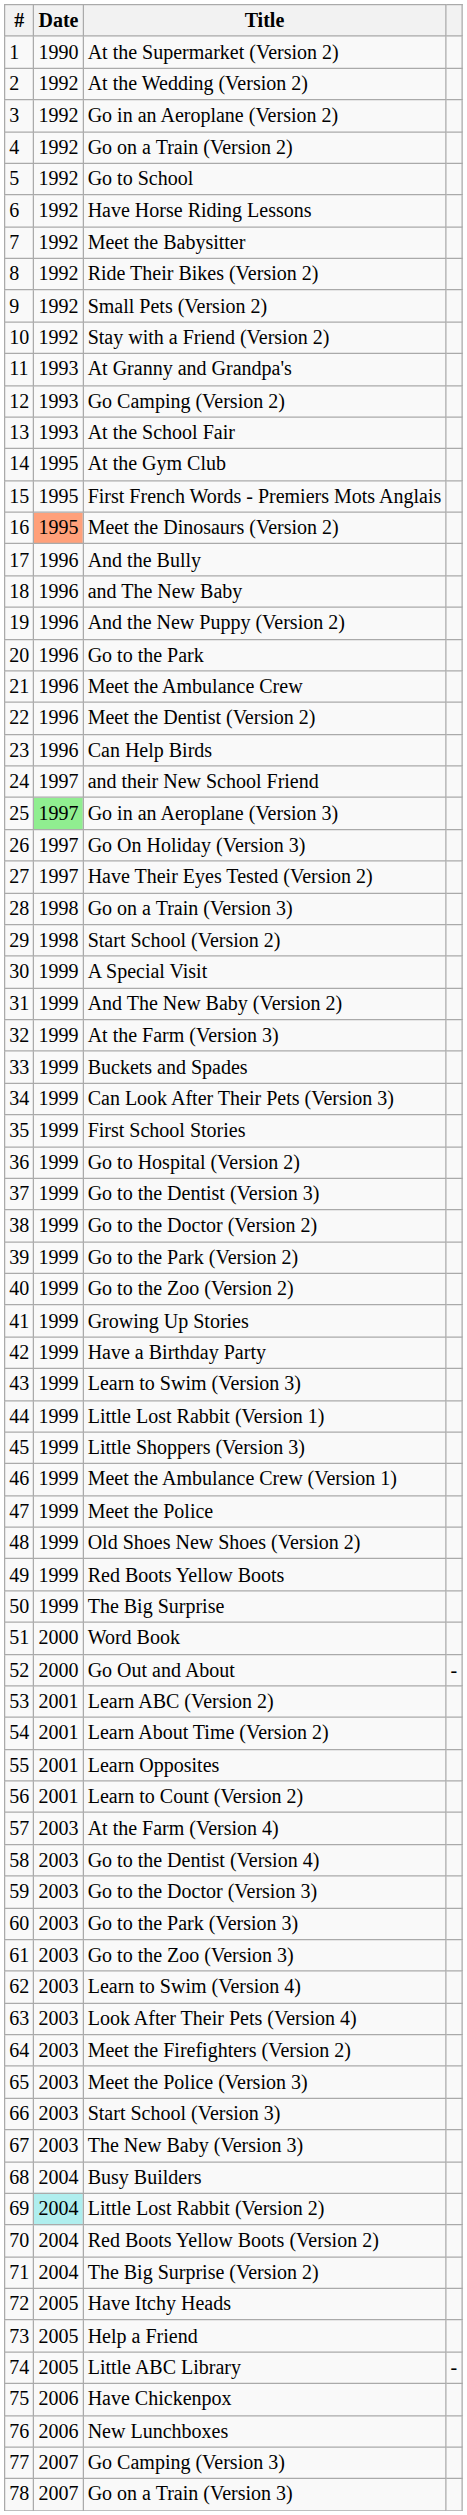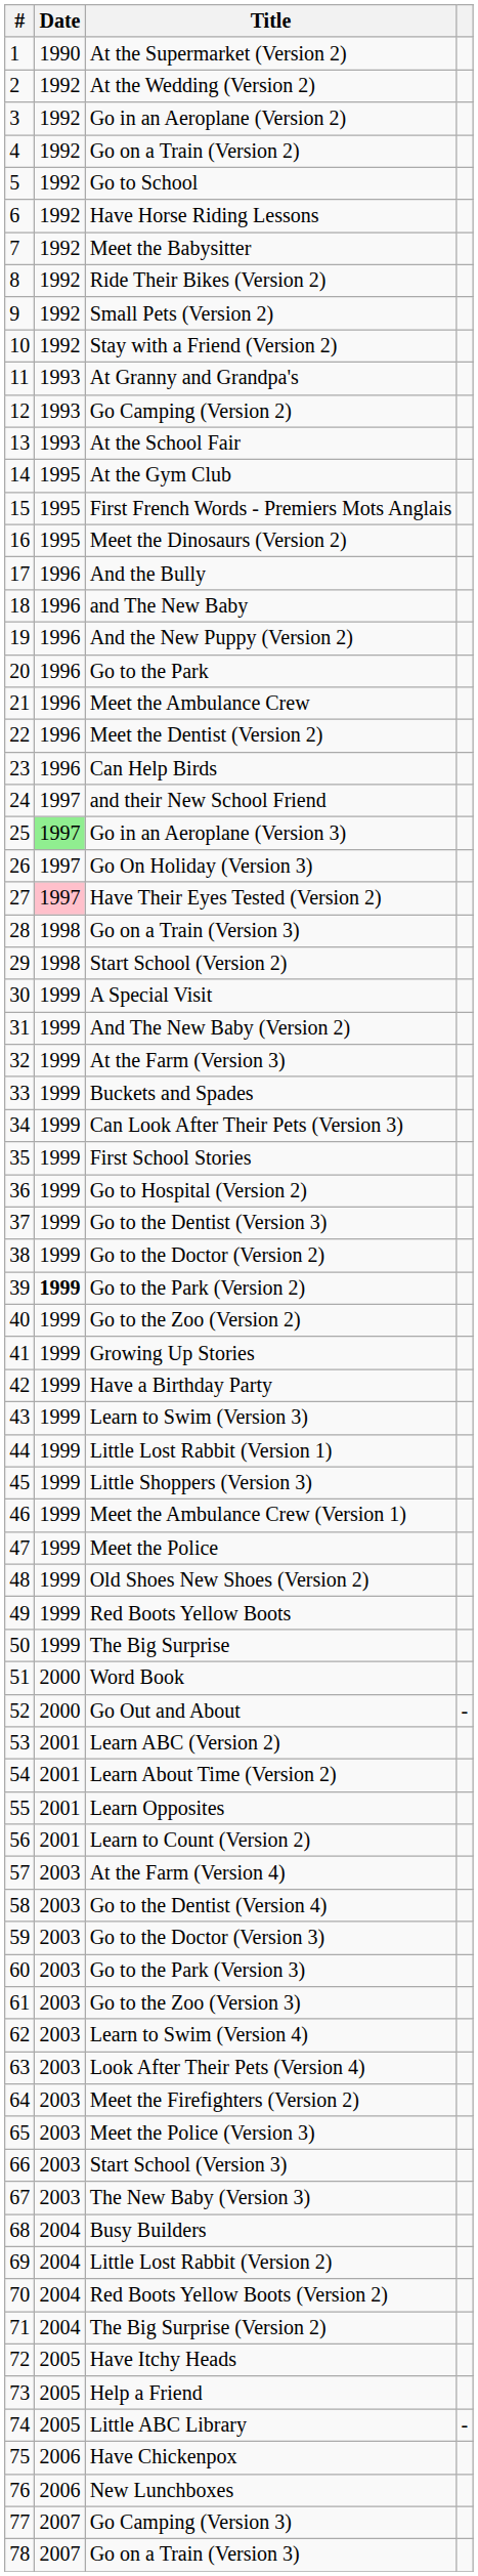 <table class="wikitable collapsible">
 <tr>
 <th>#</th>
 <th>Date</th>
 <th>Title</th>
 <th></th>
 </tr>
 <tr>
 <td>1</td>
 <td>1990</td>
 <td>At the Supermarket (Version 2)</td>
 <td></td>
 </tr>
 <tr>
 <td>2</td>
 <td>1992</td>
 <td>At the Wedding  (Version 2)</td>
 <td></td>
 </tr>
 <tr>
 <td>3</td>
 <td>1992</td>
 <td>Go in an Aeroplane  (Version 2)</td>
 <td></td>
 </tr>
 <tr>
 <td>4</td>
 <td>1992</td>
 <td>Go on a Train  (Version 2)</td>
 <td></td>
 </tr>
 <tr>
 <td>5</td>
 <td>1992</td>
 <td>Go to School</td>
 <td></td>
 </tr>
 <tr>
 <td>6</td>
 <td>1992</td>
 <td>Have Horse Riding Lessons</td>
 <td></td>
 </tr>
 <tr>
 <td>7</td>
 <td>1992</td>
 <td>Meet the Babysitter</td>
 <td></td>
 </tr>
 <tr>
 <td>8</td>
 <td>1992</td>
 <td>Ride Their Bikes  (Version 2)</td>
 <td></td>
 </tr>
 <tr>
 <td>9</td>
 <td>1992</td>
 <td>Small Pets  (Version 2)</td>
 <td></td>
 </tr>
 <tr>
 <td>10</td>
 <td>1992</td>
 <td>Stay with a Friend  (Version 2)</td>
 <td></td>
 </tr>
 <tr>
 <td>11</td>
 <td>1993</td>
 <td>At Granny and Grandpa's</td>
 <td></td>
 </tr>
 <tr>
 <td>12</td>
 <td>1993</td>
 <td>Go Camping  (Version 2)</td>
 <td></td>
 </tr>
 <tr>
 <td>13</td>
 <td>1993</td>
 <td>At the School Fair</td>
 <td></td>
 </tr>
 <tr>
 <td>14</td>
 <td>1995</td>
 <td>At the Gym Club</td>
 <td></td>
 </tr>
 <tr>
 <td>15</td>
 <td>1995</td>
 <td>First French Words - Premiers Mots Anglais</td>
 <td></td>
 </tr>
 <tr>
 <td>16</td>
-<td style="background: lightsalmon;">1995</td>
+<td>1995</td>
 <td>Meet the Dinosaurs  (Version 2)</td>
 <td></td>
 </tr>
 <tr>
 <td>17</td>
 <td>1996</td>
 <td>And the Bully</td>
 <td></td>
 </tr>
 <tr>
 <td>18</td>
 <td>1996</td>
 <td>and The New Baby</td>
 <td></td>
 </tr>
 <tr>
 <td>19</td>
 <td>1996</td>
 <td>And the New Puppy  (Version 2)</td>
 <td></td>
 </tr>
 <tr>
 <td>20</td>
 <td>1996</td>
 <td>Go to the Park</td>
 <td></td>
 </tr>
 <tr>
 <td>21</td>
 <td>1996</td>
 <td>Meet the Ambulance Crew</td>
 <td></td>
 </tr>
 <tr>
 <td>22</td>
 <td>1996</td>
 <td>Meet the Dentist  (Version 2)</td>
 <td></td>
 </tr>
 <tr>
 <td>23</td>
 <td>1996</td>
 <td>Can Help Birds</td>
 <td></td>
 </tr>
 <tr>
 <td>24</td>
 <td>1997</td>
 <td>and their New School Friend</td>
 <td></td>
 </tr>
 <tr>
 <td>25</td>
 <td style="background: lightgreen;">1997</td>
 <td>Go in an Aeroplane (Version 3)</td>
 <td></td>
 </tr>
 <tr>
 <td>26</td>
 <td>1997</td>
 <td>Go On Holiday (Version 3)</td>
 <td></td>
 </tr>
 <tr>
 <td>27</td>
-<td>1997</td>
+<td style="background: pink;">1997</td>
 <td>Have Their Eyes Tested (Version 2)</td>
 <td></td>
 </tr>
 <tr>
 <td>28</td>
 <td>1998</td>
 <td>Go on a Train (Version 3)</td>
 <td></td>
 </tr>
 <tr>
 <td>29</td>
 <td>1998</td>
 <td>Start School (Version 2)</td>
 <td></td>
 </tr>
 <tr>
 <td>30</td>
 <td>1999</td>
 <td>A Special Visit</td>
 <td></td>
 </tr>
 <tr>
 <td>31</td>
 <td>1999</td>
 <td>And The New Baby (Version 2)</td>
 <td></td>
 </tr>
 <tr>
 <td>32</td>
 <td>1999</td>
 <td>At the Farm (Version 3)</td>
 <td></td>
 </tr>
 <tr>
 <td>33</td>
 <td>1999</td>
 <td>Buckets and Spades</td>
 <td></td>
 </tr>
 <tr>
 <td>34</td>
 <td>1999</td>
 <td>Can Look After Their Pets (Version 3)</td>
 <td></td>
 </tr>
 <tr>
 <td>35</td>
 <td>1999</td>
 <td>First School Stories</td>
 <td></td>
 </tr>
 <tr>
 <td>36</td>
 <td>1999</td>
 <td>Go to Hospital (Version 2)</td>
 <td></td>
 </tr>
 <tr>
 <td>37</td>
 <td>1999</td>
 <td>Go to the Dentist (Version 3)</td>
 <td></td>
 </tr>
 <tr>
 <td>38</td>
 <td>1999</td>
 <td>Go to the Doctor (Version 2)</td>
 <td></td>
 </tr>
 <tr>
 <td>39</td>
-<td>1999</td>
+<td><strong>1999</strong></td>
 <td>Go to the Park (Version 2)</td>
 <td></td>
 </tr>
 <tr>
 <td>40</td>
 <td>1999</td>
 <td>Go to the Zoo (Version 2)</td>
 <td></td>
 </tr>
 <tr>
 <td>41</td>
 <td>1999</td>
 <td>Growing Up Stories</td>
 <td></td>
 </tr>
 <tr>
 <td>42</td>
 <td>1999</td>
 <td>Have a Birthday Party</td>
 <td></td>
 </tr>
 <tr>
 <td>43</td>
 <td>1999</td>
 <td>Learn to Swim (Version 3)</td>
 <td></td>
 </tr>
 <tr>
 <td>44</td>
 <td>1999</td>
 <td>Little Lost Rabbit (Version 1)</td>
 <td></td>
 </tr>
 <tr>
 <td>45</td>
 <td>1999</td>
 <td>Little Shoppers (Version 3)</td>
 <td></td>
 </tr>
 <tr>
 <td>46</td>
 <td>1999</td>
 <td>Meet the Ambulance Crew (Version 1)</td>
 <td></td>
 </tr>
 <tr>
 <td>47</td>
 <td>1999</td>
 <td>Meet the Police</td>
 <td></td>
 </tr>
 <tr>
 <td>48</td>
 <td>1999</td>
 <td>Old Shoes New Shoes (Version 2)</td>
 <td></td>
 </tr>
 <tr>
 <td>49</td>
 <td>1999</td>
 <td>Red Boots Yellow Boots</td>
 <td></td>
 </tr>
 <tr>
 <td>50</td>
 <td>1999</td>
 <td>The Big Surprise</td>
 <td></td>
 </tr>
 <tr>
 <td>51</td>
 <td>2000</td>
 <td>Word Book</td>
 <td></td>
 </tr>
 <tr>
 <td>52</td>
 <td>2000</td>
 <td>Go Out and About</td>
 <td>-</td>
 </tr>
 <tr>
 <td>53</td>
 <td>2001</td>
 <td>Learn ABC (Version 2)</td>
 <td></td>
 </tr>
 <tr>
 <td>54</td>
 <td>2001</td>
 <td>Learn About Time (Version 2)</td>
 <td></td>
 </tr>
 <tr>
 <td>55</td>
 <td>2001</td>
 <td>Learn Opposites</td>
 <td></td>
 </tr>
 <tr>
 <td>56</td>
 <td>2001</td>
 <td>Learn to Count (Version 2)</td>
 <td></td>
 </tr>
 <tr>
 <td>57</td>
 <td>2003</td>
 <td>At the Farm (Version 4)</td>
 <td></td>
 </tr>
 <tr>
 <td>58</td>
 <td>2003</td>
 <td>Go to the Dentist (Version 4)</td>
 <td></td>
 </tr>
 <tr>
 <td>59</td>
 <td>2003</td>
 <td>Go to the Doctor (Version 3)</td>
 <td></td>
 </tr>
 <tr>
 <td>60</td>
 <td>2003</td>
 <td>Go to the Park (Version 3)</td>
 <td></td>
 </tr>
 <tr>
 <td>61</td>
 <td>2003</td>
 <td>Go to the Zoo (Version 3)</td>
 <td></td>
 </tr>
 <tr>
 <td>62</td>
 <td>2003</td>
 <td>Learn to Swim (Version 4)</td>
 <td></td>
 </tr>
 <tr>
 <td>63</td>
 <td>2003</td>
 <td>Look After Their Pets (Version 4)</td>
 <td></td>
 </tr>
 <tr>
 <td>64</td>
 <td>2003</td>
 <td>Meet the Firefighters (Version 2)</td>
 <td></td>
 </tr>
 <tr>
 <td>65</td>
 <td>2003</td>
 <td>Meet the Police (Version 3)</td>
 <td></td>
 </tr>
 <tr>
 <td>66</td>
 <td>2003</td>
 <td>Start School (Version 3)</td>
 <td></td>
 </tr>
 <tr>
 <td>67</td>
 <td>2003</td>
 <td>The New Baby (Version 3)</td>
 <td></td>
 </tr>
 <tr>
 <td>68</td>
 <td>2004</td>
 <td>Busy Builders</td>
 <td></td>
 </tr>
 <tr>
 <td>69</td>
-<td style="background: paleturquoise;">2004</td>
+<td>2004</td>
 <td>Little Lost Rabbit (Version 2)</td>
 <td></td>
 </tr>
 <tr>
 <td>70</td>
 <td>2004</td>
 <td>Red Boots Yellow Boots (Version 2)</td>
 <td></td>
 </tr>
 <tr>
 <td>71</td>
 <td>2004</td>
 <td>The Big Surprise (Version 2)</td>
 <td></td>
 </tr>
 <tr>
 <td>72</td>
 <td>2005</td>
 <td>Have Itchy Heads</td>
 <td></td>
 </tr>
 <tr>
 <td>73</td>
 <td>2005</td>
 <td>Help a Friend</td>
 <td></td>
 </tr>
 <tr>
 <td>74</td>
 <td>2005</td>
 <td>Little ABC Library</td>
 <td>-</td>
 </tr>
 <tr>
 <td>75</td>
 <td>2006</td>
 <td>Have Chickenpox</td>
 <td></td>
 </tr>
 <tr>
 <td>76</td>
 <td>2006</td>
 <td>New Lunchboxes</td>
 <td></td>
 </tr>
 <tr>
 <td>77</td>
 <td>2007</td>
 <td>Go Camping (Version 3)</td>
 <td></td>
 </tr>
 <tr>
 <td>78</td>
 <td>2007</td>
 <td>Go on a Train (Version 3)</td>
 <td></td>
 </tr>
 </table>
